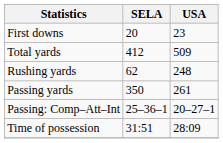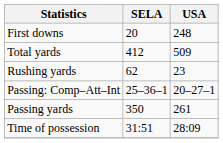 <table class="wikitable" style="float: left;">
 <tr>
 <th>Statistics</th>
 <th>SELA</th>
 <th>USA</th>
 </tr>
 <tr>
 <td>First downs</td>
 <td>20</td>
-<td>23</td>
+<td>248</td>
 </tr>
 <tr>
 <td>Total yards</td>
 <td>412</td>
 <td>509</td>
 </tr>
 <tr>
 <td>Rushing yards</td>
 <td>62</td>
-<td>248</td>
+<td>23</td>
+</tr>
+<tr>
+<td>Passing: Comp–Att–Int</td>
+<td>25–36–1</td>
+<td>20–27–1</td>
 </tr>
 <tr>
 <td>Passing yards</td>
 <td>350</td>
 <td>261</td>
-</tr>
-<tr>
-<td>Passing: Comp–Att–Int</td>
-<td>25–36–1</td>
-<td>20–27–1</td>
 </tr>
 <tr>
 <td>Time of possession</td>
 <td>31:51</td>
 <td>28:09</td>
 </tr>
 <tr>
 </tr>
 </table>
